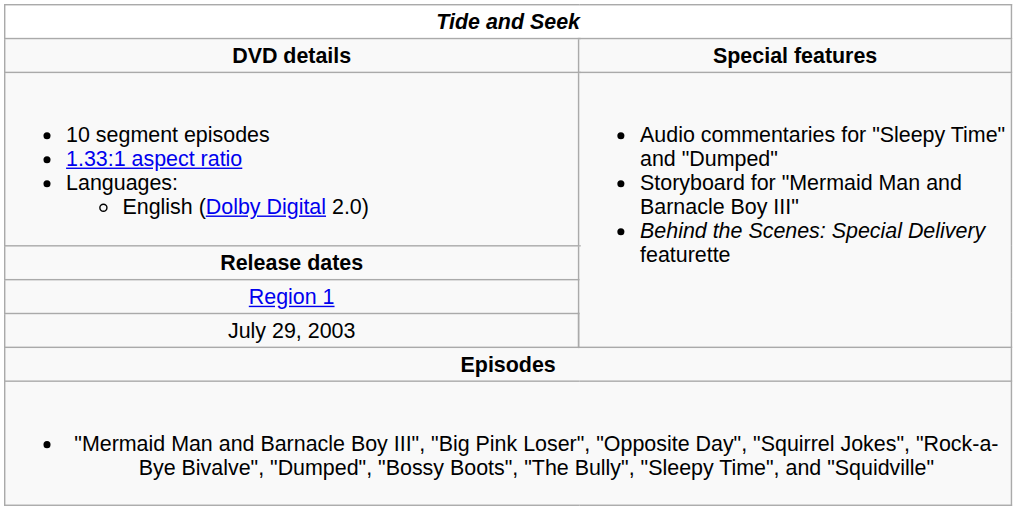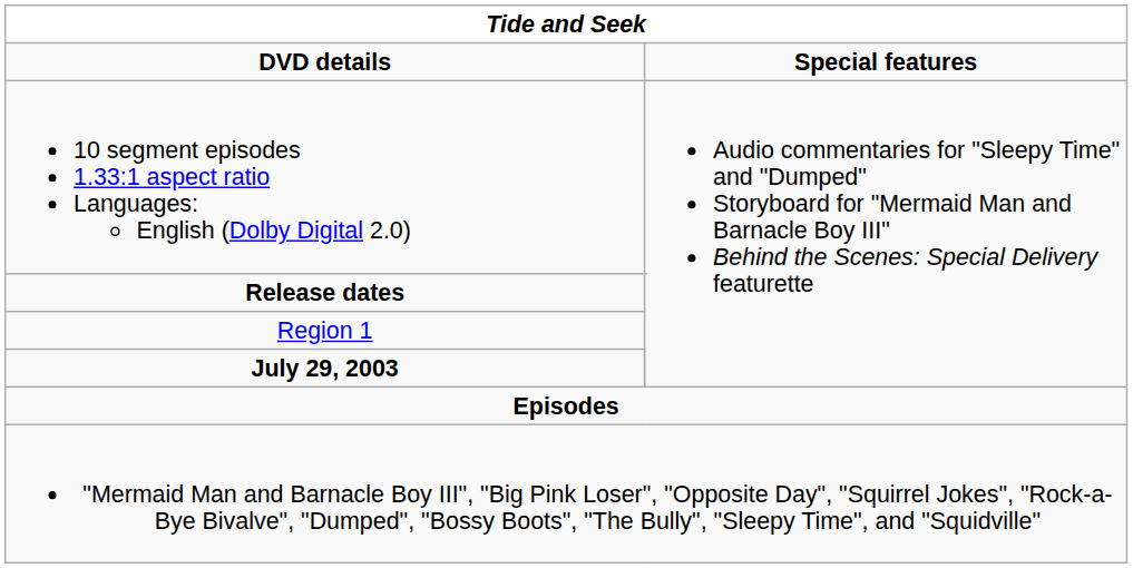 <table class="wikitable" style="font-size: 95%;">
 <tr style="background:#FFF; color:#000;">
 <td colspan="4" align="center"><strong><em>Tide and Seek</em></strong></td>
 </tr>
 <tr valign="top">
 <td style="text-align:center; width:400px;" colspan="3"><strong>DVD details</strong></td>
 <td style="width:300px; text-align:center;"><strong>Special features</strong></td>
 </tr>
 <tr valign="top">
 <td colspan="3" style="text-align:left; width:400px;"><br><ul><li>10 segment episodes</li><li><a href='#'>1.33:1 aspect ratio</a></li><li>Languages:<ul><li>English (<a href='#'>Dolby Digital</a> 2.0)</li></ul></li></ul></td>
 <td rowspan="4" style="text-align:left; width:300px;"><br><ul><li>Audio commentaries for "Sleepy Time" and "Dumped"</li><li>Storyboard for "Mermaid Man and Barnacle Boy III"</li><li><em>Behind the Scenes: Special Delivery</em> featurette</li></ul></td>
 </tr>
 <tr>
 <td colspan="3" style="text-align:center;"><strong>Release dates</strong></td>
 </tr>
 <tr>
 <td colspan="3" style="text-align:center;"><a href='#'>Region 1</a></td>
 </tr>
 <tr style="text-align:center;">
-<td>July 29, 2003</td>
+<td><strong>July 29, 2003</strong></td>
 </tr>
 <tr>
 <td style="text-align:center; width:400px;" colspan="4"><strong>Episodes</strong></td>
 </tr>
 <tr>
 <td style="text-align:center; width:400px;" colspan="4"><br><ul><li>"Mermaid Man and Barnacle Boy III", "Big Pink Loser", "Opposite Day", "Squirrel Jokes", "Rock-a-Bye Bivalve", "Dumped", "Bossy Boots", "The Bully", "Sleepy Time", and "Squidville"</li></ul></td>
 </tr>
 </table>
